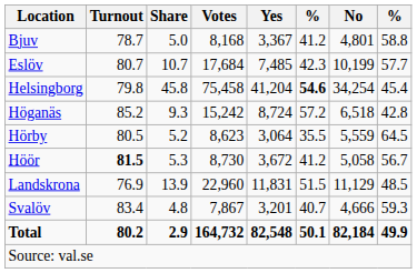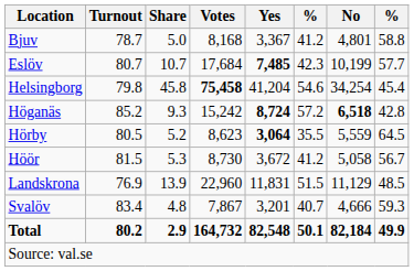 <table class="wikitable sortable" style=text-align:right>
 <tr>
 <th>Location</th>
 <th>Turnout</th>
 <th>Share</th>
 <th>Votes</th>
 <th>Yes</th>
 <th>%</th>
 <th>No</th>
 <th>%</th>
 </tr>
 <tr>
 <td align=left><a href='#'>Bjuv</a></td>
 <td>78.7</td>
 <td>5.0</td>
 <td>8,168</td>
 <td>3,367</td>
 <td>41.2</td>
 <td>4,801</td>
 <td>58.8</td>
 </tr>
 <tr>
 <td align=left><a href='#'>Eslöv</a></td>
 <td>80.7</td>
 <td>10.7</td>
 <td>17,684</td>
-<td>7,485</td>
+<td><strong>7,485</strong></td>
 <td>42.3</td>
 <td>10,199</td>
 <td>57.7</td>
 </tr>
 <tr>
 <td align=left><a href='#'>Helsingborg</a></td>
 <td>79.8</td>
 <td>45.8</td>
-<td>75,458</td>
+<td><strong>75,458</strong></td>
 <td>41,204</td>
-<td><strong>54.6</strong></td>
+<td>54.6</td>
 <td>34,254</td>
 <td>45.4</td>
 </tr>
 <tr>
 <td align=left><a href='#'>Höganäs</a></td>
 <td>85.2</td>
 <td>9.3</td>
 <td>15,242</td>
-<td>8,724</td>
+<td><strong>8,724</strong></td>
 <td>57.2</td>
-<td>6,518</td>
+<td><strong>6,518</strong></td>
 <td>42.8</td>
 </tr>
 <tr>
 <td align=left><a href='#'>Hörby</a></td>
 <td>80.5</td>
 <td>5.2</td>
 <td>8,623</td>
-<td>3,064</td>
+<td><strong>3,064</strong></td>
 <td>35.5</td>
 <td>5,559</td>
 <td>64.5</td>
 </tr>
 <tr>
 <td align=left><a href='#'>Höör</a></td>
-<td><strong>81.5</strong></td>
+<td>81.5</td>
 <td>5.3</td>
 <td>8,730</td>
 <td>3,672</td>
 <td>41.2</td>
 <td>5,058</td>
 <td>56.7</td>
 </tr>
 <tr>
 <td align=left><a href='#'>Landskrona</a></td>
 <td>76.9</td>
 <td>13.9</td>
 <td>22,960</td>
 <td>11,831</td>
 <td>51.5</td>
 <td>11,129</td>
 <td>48.5</td>
 </tr>
 <tr>
 <td align=left><a href='#'>Svalöv</a></td>
 <td>83.4</td>
 <td>4.8</td>
 <td>7,867</td>
 <td>3,201</td>
 <td>40.7</td>
 <td>4,666</td>
 <td>59.3</td>
 </tr>
 <tr>
 <td align=left><strong>Total</strong></td>
 <td><strong>80.2</strong></td>
 <td><strong>2.9</strong></td>
 <td><strong>164,732</strong></td>
 <td><strong>82,548</strong></td>
 <td><strong>50.1</strong></td>
 <td><strong>82,184</strong></td>
 <td><strong>49.9</strong></td>
 </tr>
 <tr>
 <td align=left colspan=8>Source: val.se </td>
 </tr>
 </table>
